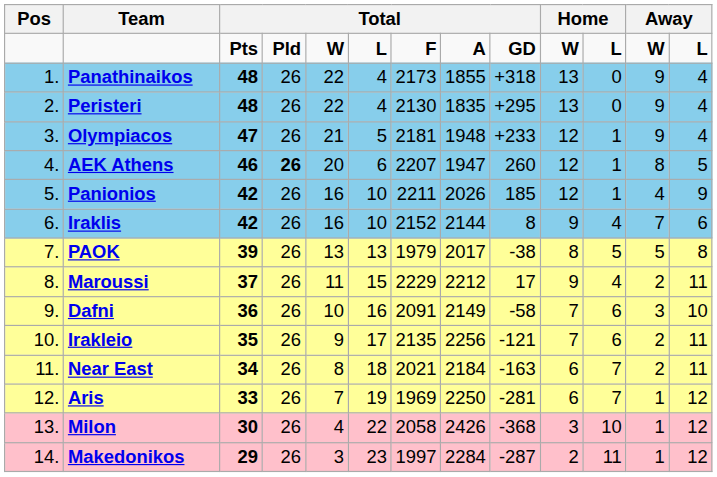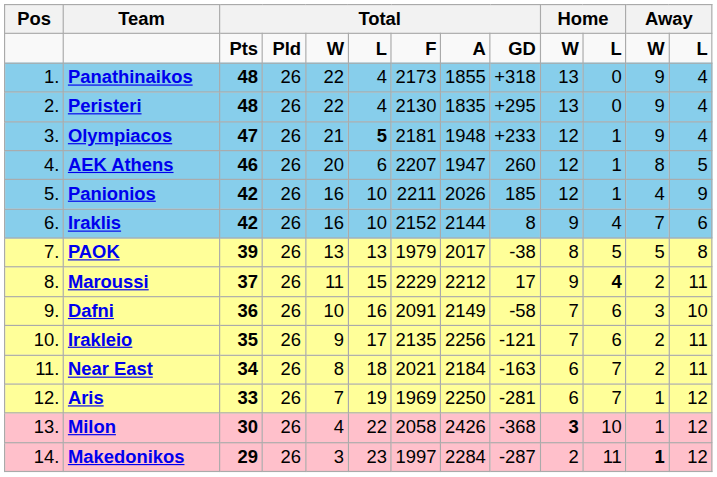 <table class="wikitable" style="text-align: right;">
 <tr>
 <th width="44">Pos</th>
 <th width="128">Team</th>
 <th colspan=7>Total</th>
 <th colspan=2>Home</th>
 <th colspan=2>Away</th>
 </tr>
 <tr>
 <td></td>
 <td></td>
 <td width="30"><strong>Pts</strong></td>
 <td width="30"><strong>Pld</strong></td>
 <td width="30"><strong>W</strong></td>
 <td width="30"><strong>L</strong></td>
 <td width="30"><strong>F</strong></td>
 <td width="30"><strong>A</strong></td>
 <td width="30"><strong>GD</strong></td>
 <td width="30"><strong>W</strong></td>
 <td width="30"><strong>L</strong></td>
 <td width="30"><strong>W</strong></td>
 <td width="30"><strong>L</strong></td>
 </tr>
 <tr bgcolor="87ceeb">
 <td>1.</td>
 <td align="left"><strong> <a href='#'>Panathinaikos</a></strong></td>
 <td><strong>48</strong></td>
 <td>26</td>
 <td>22</td>
 <td>4</td>
 <td>2173</td>
 <td>1855</td>
 <td>+318</td>
 <td>13</td>
 <td>0</td>
 <td>9</td>
 <td>4</td>
 </tr>
 <tr bgcolor="87ceeb">
 <td>2.</td>
 <td align="left"><strong><a href='#'>Peristeri</a></strong></td>
 <td><strong>48</strong></td>
 <td>26</td>
 <td>22</td>
 <td>4</td>
 <td>2130</td>
 <td>1835</td>
 <td>+295</td>
 <td>13</td>
 <td>0</td>
 <td>9</td>
 <td>4</td>
 </tr>
 <tr bgcolor="87ceeb">
 <td>3.</td>
 <td align="left"><strong> <a href='#'>Olympiacos</a> </strong></td>
 <td><strong>47</strong></td>
 <td>26</td>
 <td>21</td>
-<td>5</td>
+<td><strong>5</strong></td>
 <td>2181</td>
 <td>1948</td>
 <td>+233</td>
 <td>12</td>
 <td>1</td>
 <td>9</td>
 <td>4</td>
 </tr>
 <tr bgcolor="87ceeb">
 <td>4.</td>
 <td align="left"><strong><a href='#'>AEK Athens</a> </strong></td>
 <td><strong>46 </strong></td>
-<td><strong>26</strong></td>
+<td>26</td>
 <td>20</td>
 <td>6</td>
 <td>2207</td>
 <td>1947</td>
 <td>260</td>
 <td>12</td>
 <td>1</td>
 <td>8</td>
 <td>5</td>
 </tr>
 <tr bgcolor="87ceeb">
 <td>5.</td>
 <td align="left"><strong><a href='#'>Panionios</a></strong></td>
 <td><strong>42</strong></td>
 <td>26</td>
 <td>16</td>
 <td>10</td>
 <td>2211</td>
 <td>2026</td>
 <td>185</td>
 <td>12</td>
 <td>1</td>
 <td>4</td>
 <td>9</td>
 </tr>
 <tr bgcolor="87ceeb">
 <td>6.</td>
 <td align="left"><strong> <a href='#'>Iraklis</a></strong></td>
 <td><strong>42 </strong></td>
 <td>26</td>
 <td>16</td>
 <td>10</td>
 <td>2152</td>
 <td>2144</td>
 <td>8</td>
 <td>9</td>
 <td>4</td>
 <td>7</td>
 <td>6</td>
 </tr>
 <tr bgcolor="FFFF99">
 <td>7.</td>
 <td align="left"><strong> <a href='#'>PAOK</a> </strong></td>
 <td><strong>39 </strong></td>
 <td>26</td>
 <td>13</td>
 <td>13</td>
 <td>1979</td>
 <td>2017</td>
 <td>-38</td>
 <td>8</td>
 <td>5</td>
 <td>5</td>
 <td>8</td>
 </tr>
 <tr bgcolor="FFFF99">
 <td>8.</td>
 <td align="left"><strong><a href='#'>Maroussi</a> </strong></td>
 <td><strong>37</strong></td>
 <td>26</td>
 <td>11</td>
 <td>15</td>
 <td>2229</td>
 <td>2212</td>
 <td>17</td>
 <td>9</td>
-<td>4</td>
+<td><strong>4</strong></td>
 <td>2</td>
 <td>11</td>
 </tr>
 <tr bgcolor="FFFF99">
 <td>9.</td>
 <td align="left"><strong> <a href='#'>Dafni</a> </strong></td>
 <td><strong>36 </strong></td>
 <td>26</td>
 <td>10</td>
 <td>16</td>
 <td>2091</td>
 <td>2149</td>
 <td>-58</td>
 <td>7</td>
 <td>6</td>
 <td>3</td>
 <td>10</td>
 </tr>
 <tr bgcolor="FFFF99">
 <td>10.</td>
 <td align="left"><strong> <a href='#'>Irakleio</a> </strong></td>
 <td><strong>35 </strong></td>
 <td>26</td>
 <td>9</td>
 <td>17</td>
 <td>2135</td>
 <td>2256</td>
 <td>-121</td>
 <td>7</td>
 <td>6</td>
 <td>2</td>
 <td>11</td>
 </tr>
 <tr bgcolor="FFFF99">
 <td>11.</td>
 <td align="left"><strong> <a href='#'>Near East</a></strong></td>
 <td><strong>34 </strong></td>
 <td>26</td>
 <td>8</td>
 <td>18</td>
 <td>2021</td>
 <td>2184</td>
 <td>-163</td>
 <td>6</td>
 <td>7</td>
 <td>2</td>
 <td>11</td>
 </tr>
 <tr bgcolor="FFFF99">
 <td>12.</td>
 <td align="left"><strong> <a href='#'>Aris</a> </strong></td>
 <td><strong>33</strong></td>
 <td>26</td>
 <td>7</td>
 <td>19</td>
 <td>1969</td>
 <td>2250</td>
 <td>-281</td>
 <td>6</td>
 <td>7</td>
 <td>1</td>
 <td>12</td>
 </tr>
 <tr bgcolor="ffc0cb">
 <td>13.</td>
 <td align="left"><strong><a href='#'>Milon</a></strong></td>
 <td><strong>30</strong></td>
 <td>26</td>
 <td>4</td>
 <td>22</td>
 <td>2058</td>
 <td>2426</td>
 <td>-368</td>
-<td>3</td>
+<td><strong>3</strong></td>
 <td>10</td>
 <td>1</td>
 <td>12</td>
 </tr>
 <tr bgcolor="ffc0cb">
 <td>14.</td>
 <td align="left"><strong><a href='#'>Makedonikos</a></strong></td>
 <td><strong>29 </strong></td>
 <td>26</td>
 <td>3</td>
 <td>23</td>
 <td>1997</td>
 <td>2284</td>
 <td>-287</td>
 <td>2</td>
 <td>11</td>
-<td>1</td>
+<td><strong>1</strong></td>
 <td>12</td>
 </tr>
 </table>
